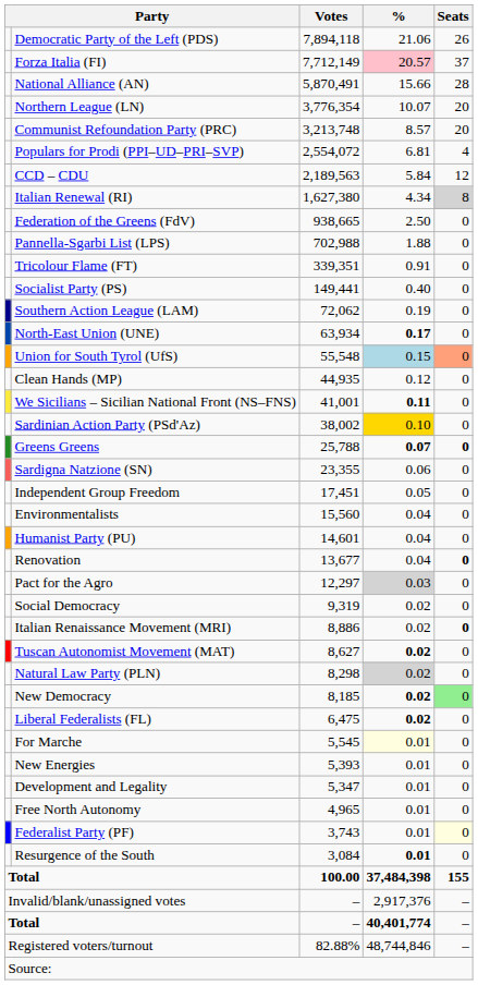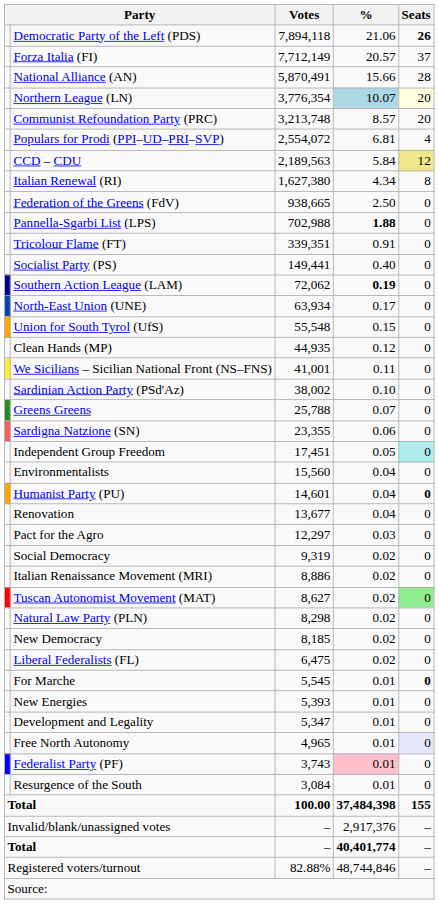 <table class="wikitable" style="text-align:right">
 <tr>
 <th colspan=2>Party</th>
 <th>Votes</th>
 <th>%</th>
 <th>Seats</th>
 </tr>
 <tr>
 <td></td>
 <td align="left"><a href='#'>Democratic Party of the Left</a> (PDS)</td>
 <td align="right">7,894,118</td>
 <td align="right">21.06</td>
-<td align="right">26</td>
+<td align="right"><strong>26</strong></td>
 </tr>
 <tr>
 <td></td>
 <td align="left"><a href='#'>Forza Italia</a> (FI)</td>
 <td align="right">7,712,149</td>
-<td align="right" style="background: pink;">20.57</td>
+<td align="right">20.57</td>
 <td align="right">37</td>
 </tr>
 <tr>
 <td></td>
 <td align="left"><a href='#'>National Alliance</a> (AN)</td>
 <td align="right">5,870,491</td>
 <td align="right">15.66</td>
 <td align="right">28</td>
 </tr>
 <tr>
 <td></td>
 <td align="left"><a href='#'>Northern League</a> (LN)</td>
 <td align="right">3,776,354</td>
-<td align="right">10.07</td>
-<td align="right">20</td>
+<td align="right" style="background: lightblue;">10.07</td>
+<td align="right" style="background: lightyellow;">20</td>
 </tr>
 <tr>
 <td></td>
 <td align="left"><a href='#'>Communist Refoundation Party</a> (PRC)</td>
 <td align="right">3,213,748</td>
 <td align="right">8.57</td>
 <td align="right">20</td>
 </tr>
 <tr>
 <td></td>
 <td align="left"><a href='#'>Populars for Prodi</a> (<a href='#'>PPI</a>–<a href='#'>UD</a>–<a href='#'>PRI</a>–<a href='#'>SVP</a>)</td>
 <td align="right">2,554,072</td>
 <td align="right">6.81</td>
 <td align="right">4</td>
 </tr>
 <tr>
 <td></td>
 <td align="left"><a href='#'>CCD</a> – <a href='#'>CDU</a></td>
 <td align="right">2,189,563</td>
 <td align="right">5.84</td>
-<td align="right">12</td>
+<td align="right" style="background: khaki;">12</td>
 </tr>
 <tr>
 <td></td>
 <td align="left"><a href='#'>Italian Renewal</a> (RI)</td>
 <td align="right">1,627,380</td>
 <td align="right">4.34</td>
-<td align="right" style="background: lightgrey;">8</td>
+<td align="right">8</td>
 </tr>
 <tr>
 <td></td>
 <td align="left"><a href='#'>Federation of the Greens</a> (FdV)</td>
 <td align="right">938,665</td>
 <td align="right">2.50</td>
 <td align="right">0</td>
 </tr>
 <tr>
 <td></td>
 <td align="left"><a href='#'>Pannella-Sgarbi List</a> (LPS)</td>
 <td align="right">702,988</td>
-<td align="right">1.88</td>
+<td align="right"><strong>1.88</strong></td>
 <td align="right">0</td>
 </tr>
 <tr>
 <td></td>
 <td align="left"><a href='#'>Tricolour Flame</a> (FT)</td>
 <td align="right">339,351</td>
 <td align="right">0.91</td>
 <td align="right">0</td>
 </tr>
 <tr>
 <td></td>
 <td align="left"><a href='#'>Socialist Party</a> (PS)</td>
 <td align="right">149,441</td>
 <td align="right">0.40</td>
 <td align="right">0</td>
 </tr>
 <tr>
 <td bgcolor="darkblue"></td>
 <td align="left"><a href='#'>Southern Action League</a> (LAM)</td>
 <td align="right">72,062</td>
-<td align="right">0.19</td>
+<td align="right"><strong>0.19</strong></td>
 <td align="right">0</td>
 </tr>
 <tr>
 <td bgcolor="#0045AA"></td>
 <td align="left"><a href='#'>North-East Union</a>  (UNE)</td>
 <td align="right">63,934</td>
-<td align="right"><strong>0.17</strong></td>
+<td align="right">0.17</td>
 <td align="right">0</td>
 </tr>
 <tr>
 <td bgcolor="#FFA700"></td>
 <td align="left"><a href='#'>Union for South Tyrol</a> (UfS)</td>
 <td align="right">55,548</td>
-<td align="right" style="background: lightblue;">0.15</td>
-<td align="right" style="background: lightsalmon;">0</td>
+<td align="right">0.15</td>
+<td align="right">0</td>
 </tr>
 <tr>
 <td></td>
 <td align="left">Clean Hands (MP)</td>
 <td align="right">44,935</td>
 <td align="right">0.12</td>
 <td align="right">0</td>
 </tr>
 <tr>
 <td bgcolor="#FFEB3B"></td>
 <td align="left"><a href='#'>We Sicilians</a> – Sicilian National Front (NS–FNS)</td>
 <td align="right">41,001</td>
-<td align="right"><strong>0.11</strong></td>
+<td align="right">0.11</td>
 <td align="right">0</td>
 </tr>
 <tr>
 <td></td>
 <td align="left"><a href='#'>Sardinian Action Party</a> (PSd'Az)</td>
 <td align="right">38,002</td>
-<td align="right" style="background: gold;">0.10</td>
+<td align="right">0.10</td>
 <td align="right">0</td>
 </tr>
 <tr>
 <td bgcolor="#228B22"></td>
 <td align="left"><a href='#'>Greens Greens</a></td>
 <td align="right">25,788</td>
-<td align="right"><strong>0.07</strong></td>
-<td align="right"><strong>0</strong></td>
+<td align="right">0.07</td>
+<td align="right">0</td>
 </tr>
 <tr>
 <td bgcolor="#F75D59"></td>
 <td align="left"><a href='#'>Sardigna Natzione</a> (SN)</td>
 <td align="right">23,355</td>
 <td align="right">0.06</td>
 <td align="right">0</td>
 </tr>
 <tr>
 <td></td>
 <td align="left">Independent Group Freedom</td>
 <td align="right">17,451</td>
 <td align="right">0.05</td>
-<td align="right">0</td>
+<td align="right" style="background: paleturquoise;">0</td>
 </tr>
 <tr>
 <td></td>
 <td align="left">Environmentalists</td>
 <td align="right">15,560</td>
 <td align="right">0.04</td>
 <td align="right">0</td>
 </tr>
 <tr>
 <td bgcolor="orange"></td>
 <td align="left"><a href='#'>Humanist Party</a> (PU)</td>
 <td align="right">14,601</td>
 <td align="right">0.04</td>
-<td align="right">0</td>
+<td align="right"><strong>0</strong></td>
 </tr>
 <tr>
 <td></td>
 <td align="left">Renovation</td>
 <td align="right">13,677</td>
 <td align="right">0.04</td>
-<td align="right"><strong>0</strong></td>
+<td align="right">0</td>
 </tr>
 <tr>
 <td></td>
 <td align="left">Pact for the Agro</td>
 <td align="right">12,297</td>
-<td align="right" style="background: lightgrey;">0.03</td>
+<td align="right">0.03</td>
 <td align="right">0</td>
 </tr>
 <tr>
 <td></td>
 <td align="left">Social Democracy</td>
 <td align="right">9,319</td>
 <td align="right">0.02</td>
 <td align="right">0</td>
 </tr>
 <tr>
 <td></td>
 <td align="left">Italian Renaissance Movement (MRI)</td>
 <td align="right">8,886</td>
 <td align="right">0.02</td>
-<td align="right"><strong>0</strong></td>
+<td align="right">0</td>
 </tr>
 <tr>
 <td bgcolor="red"></td>
 <td align="left"><a href='#'>Tuscan Autonomist Movement</a> (MAT)</td>
 <td align="right">8,627</td>
-<td align="right"><strong>0.02</strong></td>
-<td align="right">0</td>
+<td align="right">0.02</td>
+<td align="right" style="background: lightgreen;">0</td>
 </tr>
 <tr>
 <td></td>
 <td align="left"><a href='#'>Natural Law Party</a> (PLN)</td>
 <td align="right">8,298</td>
-<td align="right" style="background: lightgrey;">0.02</td>
+<td align="right">0.02</td>
 <td align="right">0</td>
 </tr>
 <tr>
 <td></td>
 <td align="left">New Democracy</td>
 <td align="right">8,185</td>
-<td align="right"><strong>0.02</strong></td>
-<td align="right" style="background: lightgreen;">0</td>
+<td align="right">0.02</td>
+<td align="right">0</td>
 </tr>
 <tr>
 <td></td>
 <td align="left"><a href='#'>Liberal Federalists</a> (FL)</td>
 <td align="right">6,475</td>
-<td align="right"><strong>0.02</strong></td>
+<td align="right">0.02</td>
 <td align="right">0</td>
 </tr>
 <tr>
 <td></td>
 <td align="left">For Marche</td>
 <td align="right">5,545</td>
-<td align="right" style="background: lightyellow;">0.01</td>
-<td align="right">0</td>
+<td align="right">0.01</td>
+<td align="right"><strong>0</strong></td>
 </tr>
 <tr>
 <td></td>
 <td align="left">New Energies</td>
 <td align="right">5,393</td>
 <td align="right">0.01</td>
 <td align="right">0</td>
 </tr>
 <tr>
 <td></td>
 <td align="left">Development and Legality</td>
 <td align="right">5,347</td>
 <td align="right">0.01</td>
 <td align="right">0</td>
 </tr>
 <tr>
 <td></td>
 <td align="left">Free North Autonomy</td>
 <td align="right">4,965</td>
 <td align="right">0.01</td>
-<td align="right">0</td>
+<td align="right" style="background: lavender;">0</td>
 </tr>
 <tr>
 <td bgcolor="blue"></td>
 <td align="left"><a href='#'>Federalist Party</a> (PF)</td>
 <td align="right">3,743</td>
-<td align="right">0.01</td>
-<td align="right" style="background: lightyellow;">0</td>
+<td align="right" style="background: pink;">0.01</td>
+<td align="right">0</td>
 </tr>
 <tr>
 <td></td>
 <td align="left">Resurgence of the South</td>
 <td align="right">3,084</td>
-<td align="right"><strong>0.01</strong></td>
+<td align="right">0.01</td>
 <td align="right">0</td>
 </tr>
 <tr>
 <td align="left" colspan=2><strong>Total</strong></td>
 <td align="right"><strong>100.00</strong></td>
 <td align="right"><strong>37,484,398</strong></td>
 <td align="right"><strong>155</strong></td>
 </tr>
 <tr>
 <td style="text-align:left;" colspan="2">Invalid/blank/unassigned votes</td>
 <td>–</td>
 <td>2,917,376</td>
 <td>–</td>
 </tr>
 <tr>
 <td style="text-align:left;" colspan="2"><strong>Total</strong></td>
 <td>–</td>
 <td><strong>40,401,774</strong></td>
 <td>–</td>
 </tr>
 <tr>
 <td style="text-align:left;" colspan="2">Registered voters/turnout</td>
 <td>82.88%</td>
 <td>48,744,846</td>
 <td>–</td>
 </tr>
 <tr>
 <td style="text-align:left;" colspan="7">Source: </td>
 </tr>
 </table>
